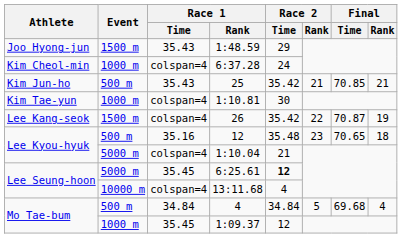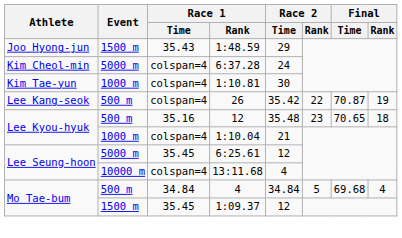 <table class="wikitable" style="font-size:90%">
 <tr>
 <th rowspan=2>Athlete</th>
 <th rowspan=2>Event</th>
 <th colspan=2>Race 1</th>
 <th colspan=2>Race 2</th>
 <th colspan=2>Final</th>
 </tr>
 <tr style="font-size:95%">
 <th>Time</th>
 <th>Rank</th>
 <th>Time</th>
 <th>Rank</th>
 <th>Time</th>
 <th>Rank</th>
 </tr>
 <tr align=center>
 <td align=left><a href='#'>Joo Hyong-jun</a></td>
 <td align=left><a href='#'>1500 m</a></td>
 <td>35.43</td>
 <td>1:48.59</td>
 <td>29</td>
 </tr>
 <tr align=center>
 <td align=left><a href='#'>Kim Cheol-min</a></td>
-<td align=left><a href='#'>1000 m</a></td>
+<td align=left><a href='#'>5000 m</a></td>
 <td>colspan=4 </td>
 <td>6:37.28</td>
 <td>24</td>
-</tr>
-<tr align=center>
-<td align=left><a href='#'>Kim Jun-ho</a></td>
-<td align=left><a href='#'>500 m</a></td>
-<td>35.43</td>
-<td>25</td>
-<td>35.42</td>
-<td>21</td>
-<td>70.85</td>
-<td>21</td>
 </tr>
 <tr align=center>
 <td align=left><a href='#'>Kim Tae-yun</a></td>
 <td align=left><a href='#'>1000 m</a></td>
 <td>colspan=4 </td>
 <td>1:10.81</td>
 <td>30</td>
 </tr>
 <tr align=center>
 <td align=left><a href='#'>Lee Kang-seok</a></td>
-<td align=left><a href='#'>1500 m</a></td>
+<td align=left><a href='#'>500 m</a></td>
 <td>colspan=4 </td>
 <td>26</td>
 <td>35.42</td>
 <td>22</td>
 <td>70.87</td>
 <td>19</td>
 </tr>
 <tr align=center>
 <td align=left rowspan=2><a href='#'>Lee Kyou-hyuk</a></td>
 <td align=left><a href='#'>500 m</a></td>
 <td>35.16</td>
 <td>12</td>
 <td>35.48</td>
 <td>23</td>
 <td>70.65</td>
 <td>18</td>
 </tr>
 <tr align=center>
-<td align=left><a href='#'>5000 m</a></td>
+<td align=left><a href='#'>1000 m</a></td>
 <td>colspan=4 </td>
 <td>1:10.04</td>
 <td>21</td>
 </tr>
 <tr align=center>
 <td align=left rowspan=2><a href='#'>Lee Seung-hoon</a></td>
 <td align=left><a href='#'>5000 m</a></td>
 <td>35.45</td>
 <td>6:25.61</td>
-<td><strong>12</strong></td>
+<td>12</td>
 </tr>
 <tr align=center>
 <td align=left><a href='#'>10000 m</a></td>
 <td>colspan=4 </td>
 <td>13:11.68</td>
 <td>4</td>
 </tr>
 <tr align=center>
 <td align=left rowspan=2><a href='#'>Mo Tae-bum</a></td>
 <td align=left><a href='#'>500 m</a></td>
 <td>34.84</td>
 <td>4</td>
 <td>34.84</td>
 <td>5</td>
 <td>69.68</td>
 <td>4</td>
 </tr>
 <tr align=center>
-<td align=left><a href='#'>1000 m</a></td>
+<td align=left><a href='#'>1500 m</a></td>
 <td>35.45</td>
 <td>1:09.37</td>
 <td>12</td>
 </tr>
 </table>
